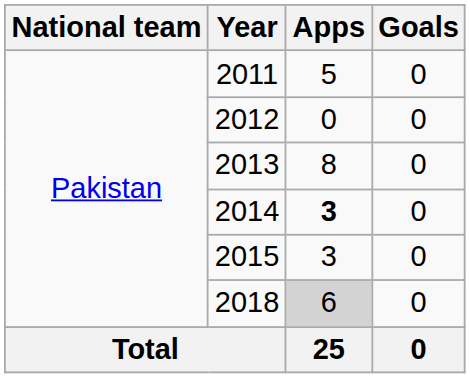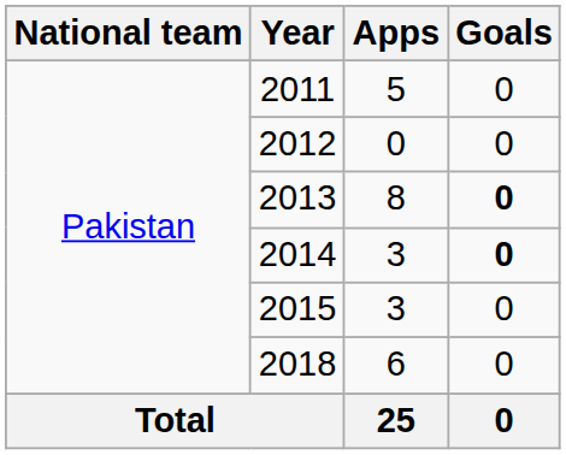 <table class="wikitable" style="text-align:center">
 <tr>
 <th>National team</th>
 <th>Year</th>
 <th>Apps</th>
 <th>Goals</th>
 </tr>
 <tr>
 <td rowspan="6"><a href='#'>Pakistan</a></td>
 <td>2011</td>
 <td>5</td>
 <td>0</td>
 </tr>
 <tr>
 <td>2012</td>
 <td>0</td>
 <td>0</td>
 </tr>
 <tr>
 <td>2013</td>
 <td>8</td>
-<td>0</td>
+<td><strong>0</strong></td>
 </tr>
 <tr>
 <td>2014</td>
-<td><strong>3</strong></td>
-<td>0</td>
+<td>3</td>
+<td><strong>0</strong></td>
 </tr>
 <tr>
 <td>2015</td>
 <td>3</td>
 <td>0</td>
 </tr>
 <tr>
 <td>2018</td>
-<td style="background: lightgrey;">6</td>
+<td>6</td>
 <td>0</td>
 </tr>
 <tr>
 <th colspan=2>Total</th>
 <th>25</th>
 <th>0</th>
 </tr>
 </table>
